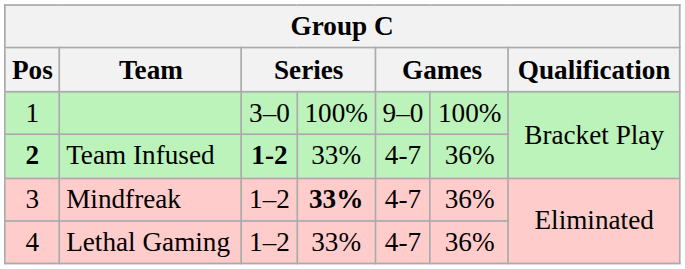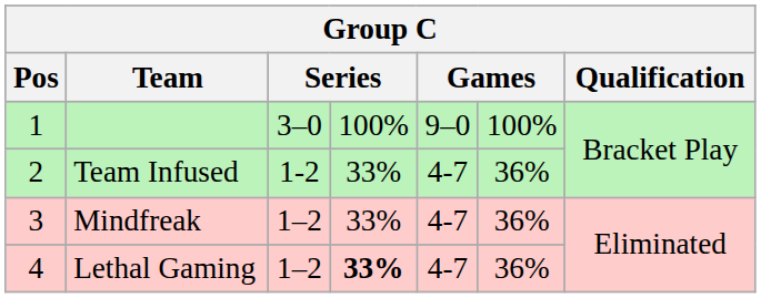 <table class="wikitable" style="display: inline-table;width: 45%;">
 <tr>
 <th colspan="7">Group C</th>
 </tr>
 <tr>
 <th>Pos</th>
 <th>Team</th>
 <th colspan="2">Series</th>
 <th colspan="2">Games</th>
 <th>Qualification</th>
 </tr>
 <tr>
 <td style="text-align:center; background:#BBF3BB;">1</td>
 <td style="text-align:left; background:#BBF3BB;"></td>
 <td style="text-align:center; background:#BBF3BB;">3–0</td>
 <td style="text-align:center; background:#BBF3BB;">100%</td>
 <td style="text-align:center; background:#BBF3BB;">9–0</td>
 <td style="text-align:center; background:#BBF3BB;">100%</td>
 <td style="text-align:center; background:#BBF3BB;" rowspan="2">Bracket Play</td>
 </tr>
 <tr>
-<td style="text-align:center; background:#BBF3BB;"><strong>2</strong></td>
+<td style="text-align:center; background:#BBF3BB;">2</td>
 <td style="text-align:left; background:#BBF3BB;">Team Infused </td>
-<td style="text-align:center; background:#BBF3BB;"><strong>1-2</strong></td>
+<td style="text-align:center; background:#BBF3BB;">1-2</td>
 <td style="text-align:center; background:#BBF3BB;">33%</td>
 <td style="text-align:center; background:#BBF3BB;">4-7</td>
 <td style="text-align:center; background:#BBF3BB;">36%</td>
 </tr>
 <tr>
 <td style="text-align:center; background:#FFCCCC;">3</td>
 <td style="text-align:left; background:#FFCCCC;">Mindfreak </td>
 <td style="text-align:center; background:#FFCCCC;">1–2</td>
-<td style="text-align:center; background:#FFCCCC;"><strong>33%</strong></td>
+<td style="text-align:center; background:#FFCCCC;">33%</td>
 <td style="text-align:center; background:#FFCCCC;">4-7</td>
 <td style="text-align:center; background:#FFCCCC;">36%</td>
 <td style="text-align:center; background:#FFCCCC;" rowspan="2">Eliminated</td>
 </tr>
 <tr>
 <td style="text-align:center; background:#FFCCCC;">4</td>
 <td style="text-align:left; background:#FFCCCC;">Lethal Gaming </td>
 <td style="text-align:center; background:#FFCCCC;">1–2</td>
-<td style="text-align:center; background:#FFCCCC;">33%</td>
+<td style="text-align:center; background:#FFCCCC;"><strong>33%</strong></td>
 <td style="text-align:center; background:#FFCCCC;">4-7</td>
 <td style="text-align:center; background:#FFCCCC;">36%</td>
 </tr>
 </table>
